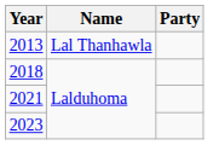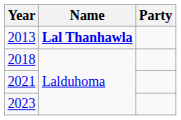 <table class="wikitable sortable">
 <tr>
 <th>Year</th>
 <th>Name</th>
 <th colspan=2>Party</th>
 </tr>
 <tr>
 <td><a href='#'>2013</a></td>
-<td><a href='#'>Lal Thanhawla</a></td>
+<td><strong><a href='#'>Lal Thanhawla</a></strong></td>
 <td></td>
 </tr>
 <tr>
 <td><a href='#'>2018</a></td>
 <td rowspan=3><a href='#'>Lalduhoma</a></td>
 <td></td>
 </tr>
 <tr>
 <td><a href='#'>2021</a></td>
 <td></td>
 </tr>
 <tr>
 <td><a href='#'>2023</a></td>
 </tr>
 </table>
